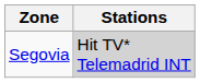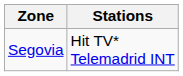 <table class="wikitable">
 <tr>
 <th>Zone</th>
 <th>Stations</th>
 </tr>
 <tr>
 <td><a href='#'>Segovia</a></td>
-<td style="background: lightgrey;">Hit TV*<br><a href='#'>Telemadrid INT</a></td>
+<td>Hit TV*<br><a href='#'>Telemadrid INT</a></td>
 </tr>
 </table>
